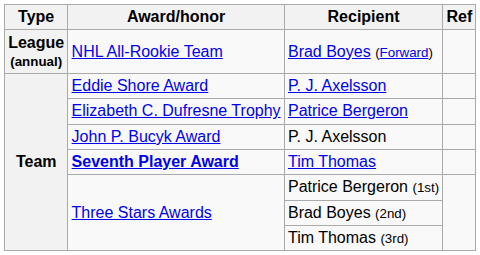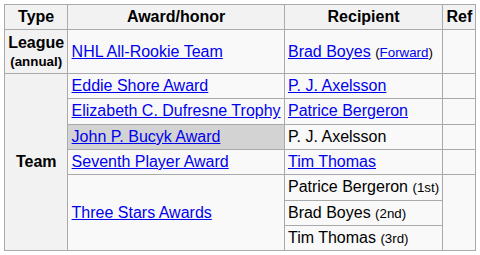 <table class="wikitable">
 <tr>
 <th scope="col">Type</th>
 <th scope="col">Award/honor</th>
 <th scope="col">Recipient</th>
 <th scope="col">Ref</th>
 </tr>
 <tr>
 <th scope="row">League<br><small>(annual)</small></th>
 <td><a href='#'>NHL All-Rookie Team</a></td>
 <td><a href='#'>Brad Boyes</a> <small>(<a href='#'>Forward</a>)</small></td>
 <td></td>
 </tr>
 <tr>
 <th scope="row" rowspan="7">Team</th>
 <td><a href='#'>Eddie Shore Award</a></td>
 <td><a href='#'>P. J. Axelsson</a></td>
 <td></td>
 </tr>
 <tr>
 <td><a href='#'>Elizabeth C. Dufresne Trophy</a></td>
 <td><a href='#'>Patrice Bergeron</a></td>
 <td></td>
 </tr>
 <tr>
-<td><a href='#'>John P. Bucyk Award</a></td>
+<td style="background: lightgrey;"><a href='#'>John P. Bucyk Award</a></td>
 <td>P. J. Axelsson</td>
 <td></td>
 </tr>
 <tr>
-<td><strong><a href='#'>Seventh Player Award</a></strong></td>
+<td><a href='#'>Seventh Player Award</a></td>
 <td><a href='#'>Tim Thomas</a></td>
 <td></td>
 </tr>
 <tr>
 <td rowspan="5"><a href='#'>Three Stars Awards</a></td>
 <td>Patrice Bergeron <small>(1st)</small></td>
 <td rowspan="5"></td>
 </tr>
 <tr>
 <td>Brad Boyes <small>(2nd)</small></td>
 </tr>
 <tr>
 <td>Tim Thomas <small>(3rd)</small></td>
 </tr>
 </table>
